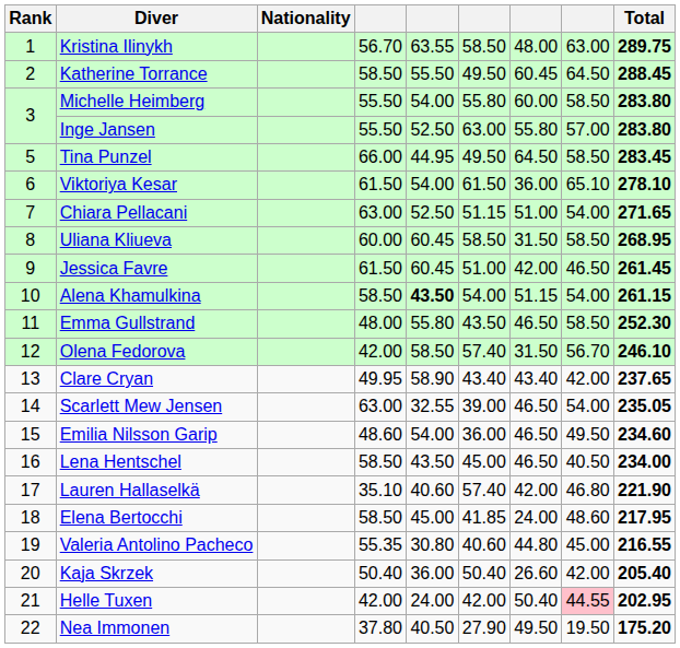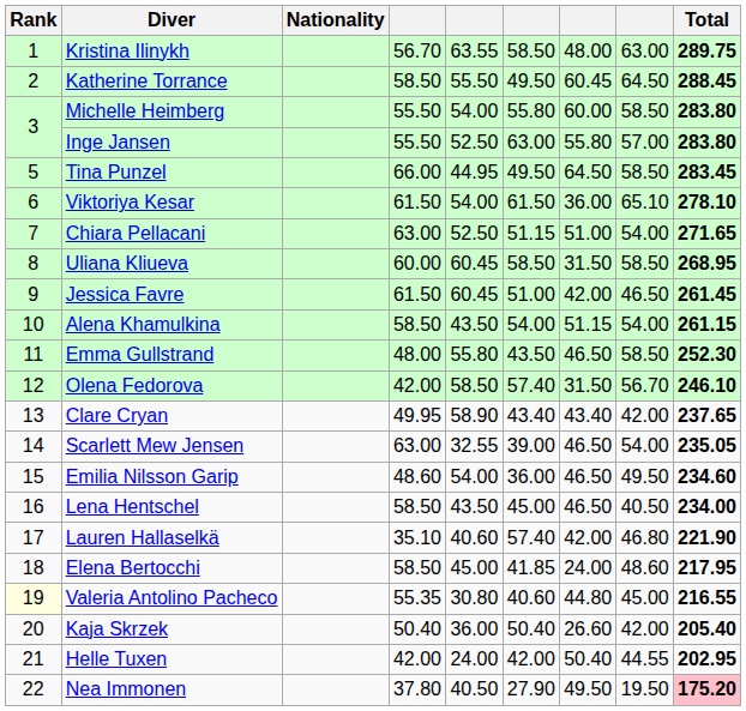 <table class="wikitable" style="text-align:center">
 <tr>
 <th>Rank</th>
 <th>Diver</th>
 <th>Nationality</th>
 <th></th>
 <th></th>
 <th></th>
 <th></th>
 <th></th>
 <th>Total</th>
 </tr>
 <tr bgcolor=ccffcc>
 <td>1</td>
 <td align=left><a href='#'>Kristina Ilinykh</a></td>
 <td align=left></td>
 <td>56.70</td>
 <td>63.55</td>
 <td>58.50</td>
 <td>48.00</td>
 <td>63.00</td>
 <td><strong>289.75</strong></td>
 </tr>
 <tr bgcolor=ccffcc>
 <td>2</td>
 <td align=left><a href='#'>Katherine Torrance</a></td>
 <td align=left></td>
 <td>58.50</td>
 <td>55.50</td>
 <td>49.50</td>
 <td>60.45</td>
 <td>64.50</td>
 <td><strong>288.45</strong></td>
 </tr>
 <tr bgcolor=ccffcc>
 <td rowspan="2">3</td>
 <td align=left><a href='#'>Michelle Heimberg</a></td>
 <td align=left></td>
 <td>55.50</td>
 <td>54.00</td>
 <td>55.80</td>
 <td>60.00</td>
 <td>58.50</td>
 <td><strong>283.80</strong></td>
 </tr>
 <tr bgcolor=ccffcc>
 <td align=left><a href='#'>Inge Jansen</a></td>
 <td align=left></td>
 <td>55.50</td>
 <td>52.50</td>
 <td>63.00</td>
 <td>55.80</td>
 <td>57.00</td>
 <td><strong>283.80</strong></td>
 </tr>
 <tr bgcolor=ccffcc>
 <td>5</td>
 <td align=left><a href='#'>Tina Punzel</a></td>
 <td align=left></td>
 <td>66.00</td>
 <td>44.95</td>
 <td>49.50</td>
 <td>64.50</td>
 <td>58.50</td>
 <td><strong>283.45</strong></td>
 </tr>
 <tr bgcolor=ccffcc>
 <td>6</td>
 <td align=left><a href='#'>Viktoriya Kesar</a></td>
 <td align=left></td>
 <td>61.50</td>
 <td>54.00</td>
 <td>61.50</td>
 <td>36.00</td>
 <td>65.10</td>
 <td><strong>278.10</strong></td>
 </tr>
 <tr bgcolor=ccffcc>
 <td>7</td>
 <td align=left><a href='#'>Chiara Pellacani</a></td>
 <td align=left></td>
 <td>63.00</td>
 <td>52.50</td>
 <td>51.15</td>
 <td>51.00</td>
 <td>54.00</td>
 <td><strong>271.65</strong></td>
 </tr>
 <tr bgcolor=ccffcc>
 <td>8</td>
 <td align=left><a href='#'>Uliana Kliueva</a></td>
 <td align=left></td>
 <td>60.00</td>
 <td>60.45</td>
 <td>58.50</td>
 <td>31.50</td>
 <td>58.50</td>
 <td><strong>268.95</strong></td>
 </tr>
 <tr bgcolor=ccffcc>
 <td>9</td>
 <td align=left><a href='#'>Jessica Favre</a></td>
 <td align=left></td>
 <td>61.50</td>
 <td>60.45</td>
 <td>51.00</td>
 <td>42.00</td>
 <td>46.50</td>
 <td><strong>261.45</strong></td>
 </tr>
 <tr bgcolor=ccffcc>
 <td>10</td>
 <td align=left><a href='#'>Alena Khamulkina</a></td>
 <td align=left></td>
 <td>58.50</td>
-<td><strong>43.50</strong></td>
+<td>43.50</td>
 <td>54.00</td>
 <td>51.15</td>
 <td>54.00</td>
 <td><strong>261.15</strong></td>
 </tr>
 <tr bgcolor=ccffcc>
 <td>11</td>
 <td align=left><a href='#'>Emma Gullstrand</a></td>
 <td align=left></td>
 <td>48.00</td>
 <td>55.80</td>
 <td>43.50</td>
 <td>46.50</td>
 <td>58.50</td>
 <td><strong>252.30</strong></td>
 </tr>
 <tr bgcolor=ccffcc>
 <td>12</td>
 <td align=left><a href='#'>Olena Fedorova</a></td>
 <td align=left></td>
 <td>42.00</td>
 <td>58.50</td>
 <td>57.40</td>
 <td>31.50</td>
 <td>56.70</td>
 <td><strong>246.10</strong></td>
 </tr>
 <tr>
 <td>13</td>
 <td align=left><a href='#'>Clare Cryan</a></td>
 <td align=left></td>
 <td>49.95</td>
 <td>58.90</td>
 <td>43.40</td>
 <td>43.40</td>
 <td>42.00</td>
 <td><strong>237.65</strong></td>
 </tr>
 <tr>
 <td>14</td>
 <td align=left><a href='#'>Scarlett Mew Jensen</a></td>
 <td align=left></td>
 <td>63.00</td>
 <td>32.55</td>
 <td>39.00</td>
 <td>46.50</td>
 <td>54.00</td>
 <td><strong>235.05</strong></td>
 </tr>
 <tr>
 <td>15</td>
 <td align=left><a href='#'>Emilia Nilsson Garip</a></td>
 <td align=left></td>
 <td>48.60</td>
 <td>54.00</td>
 <td>36.00</td>
 <td>46.50</td>
 <td>49.50</td>
 <td><strong>234.60</strong></td>
 </tr>
 <tr>
 <td>16</td>
 <td align=left><a href='#'>Lena Hentschel</a></td>
 <td align=left></td>
 <td>58.50</td>
 <td>43.50</td>
 <td>45.00</td>
 <td>46.50</td>
 <td>40.50</td>
 <td><strong>234.00</strong></td>
 </tr>
 <tr>
 <td>17</td>
 <td align=left><a href='#'>Lauren Hallaselkä</a></td>
 <td align=left></td>
 <td>35.10</td>
 <td>40.60</td>
 <td>57.40</td>
 <td>42.00</td>
 <td>46.80</td>
 <td><strong>221.90</strong></td>
 </tr>
 <tr>
 <td>18</td>
 <td align=left><a href='#'>Elena Bertocchi</a></td>
 <td align=left></td>
 <td>58.50</td>
 <td>45.00</td>
 <td>41.85</td>
 <td>24.00</td>
 <td>48.60</td>
 <td><strong>217.95</strong></td>
 </tr>
 <tr>
-<td>19</td>
+<td style="background: lightyellow;">19</td>
 <td align=left><a href='#'>Valeria Antolino Pacheco</a></td>
 <td align=left></td>
 <td>55.35</td>
 <td>30.80</td>
 <td>40.60</td>
 <td>44.80</td>
 <td>45.00</td>
 <td><strong>216.55</strong></td>
 </tr>
 <tr>
 <td>20</td>
 <td align=left><a href='#'>Kaja Skrzek</a></td>
 <td align=left></td>
 <td>50.40</td>
 <td>36.00</td>
 <td>50.40</td>
 <td>26.60</td>
 <td>42.00</td>
 <td><strong>205.40</strong></td>
 </tr>
 <tr>
 <td>21</td>
 <td align=left><a href='#'>Helle Tuxen</a></td>
 <td align=left></td>
 <td>42.00</td>
 <td>24.00</td>
 <td>42.00</td>
 <td>50.40</td>
-<td style="background: pink;">44.55</td>
+<td>44.55</td>
 <td><strong>202.95</strong></td>
 </tr>
 <tr>
 <td>22</td>
 <td align=left><a href='#'>Nea Immonen</a></td>
 <td align=left></td>
 <td>37.80</td>
 <td>40.50</td>
 <td>27.90</td>
 <td>49.50</td>
 <td>19.50</td>
-<td><strong>175.20</strong></td>
+<td style="background: pink;"><strong>175.20</strong></td>
 </tr>
 </table>
